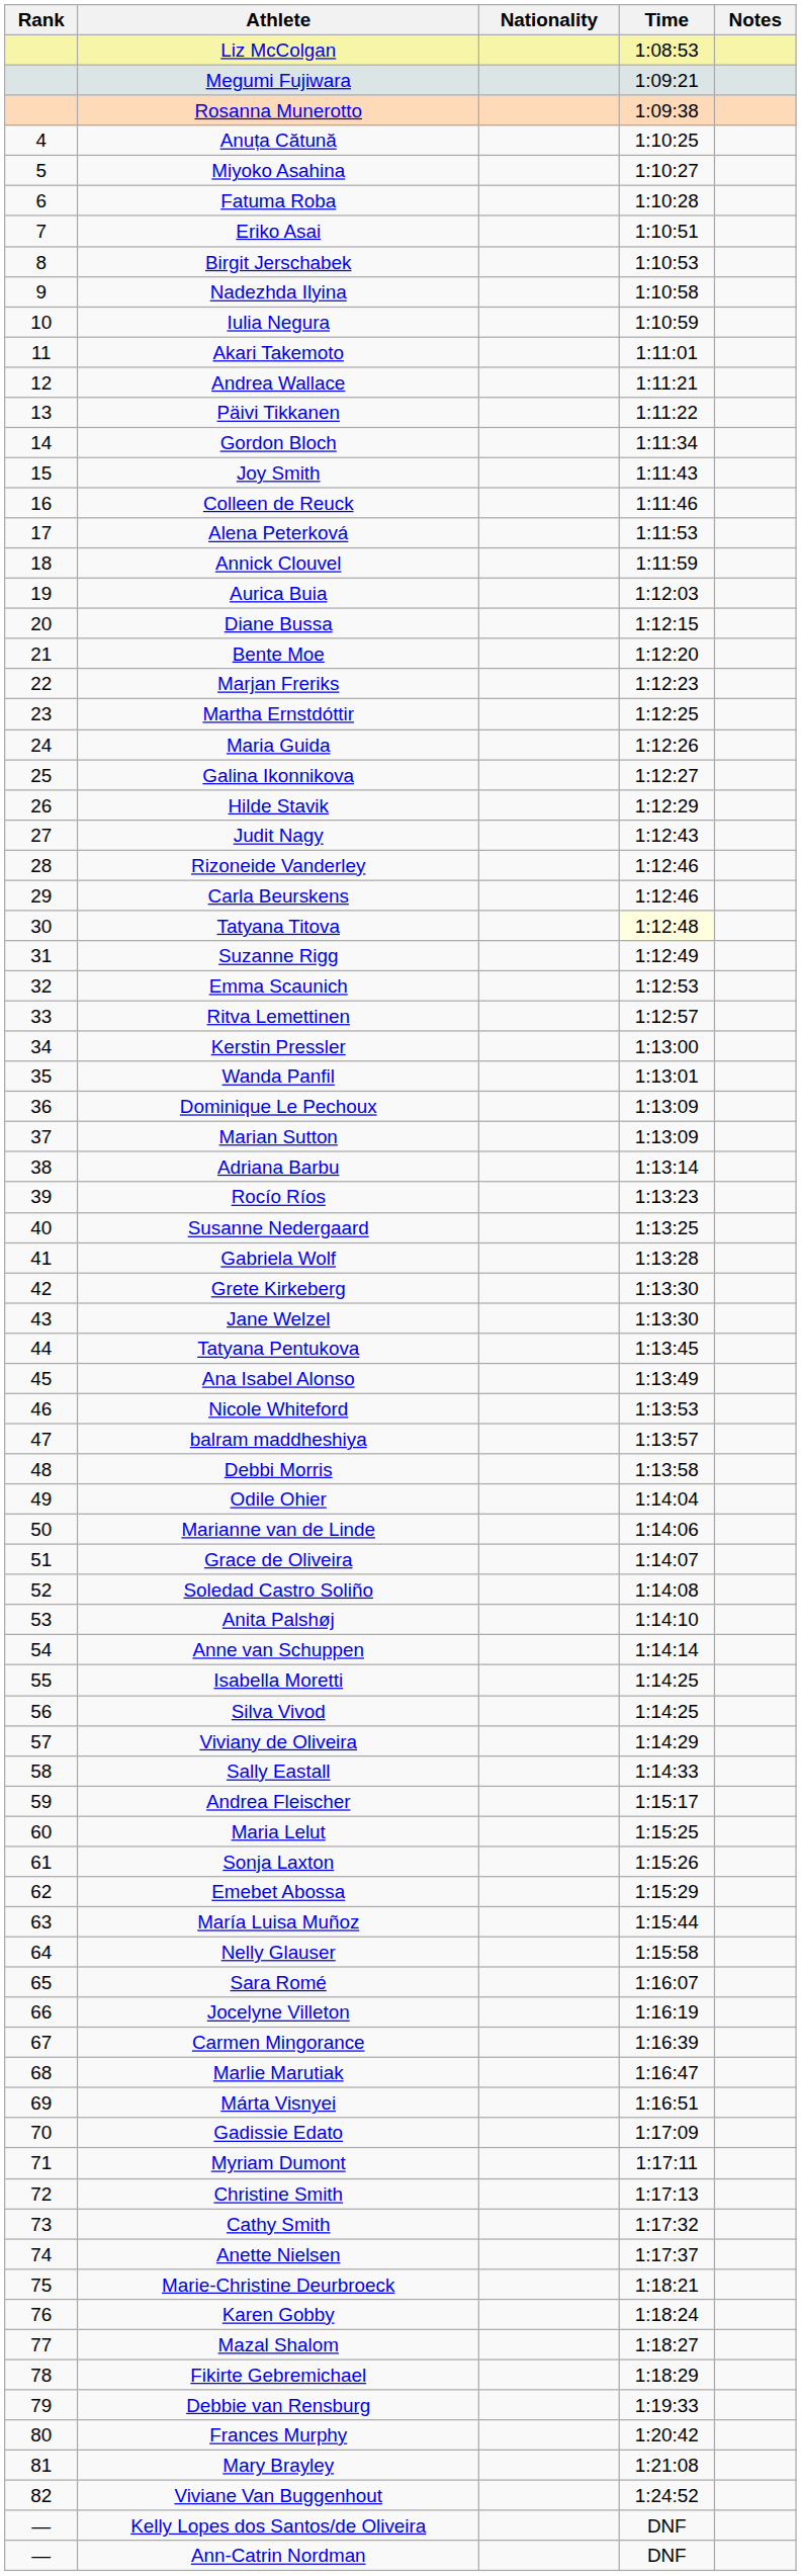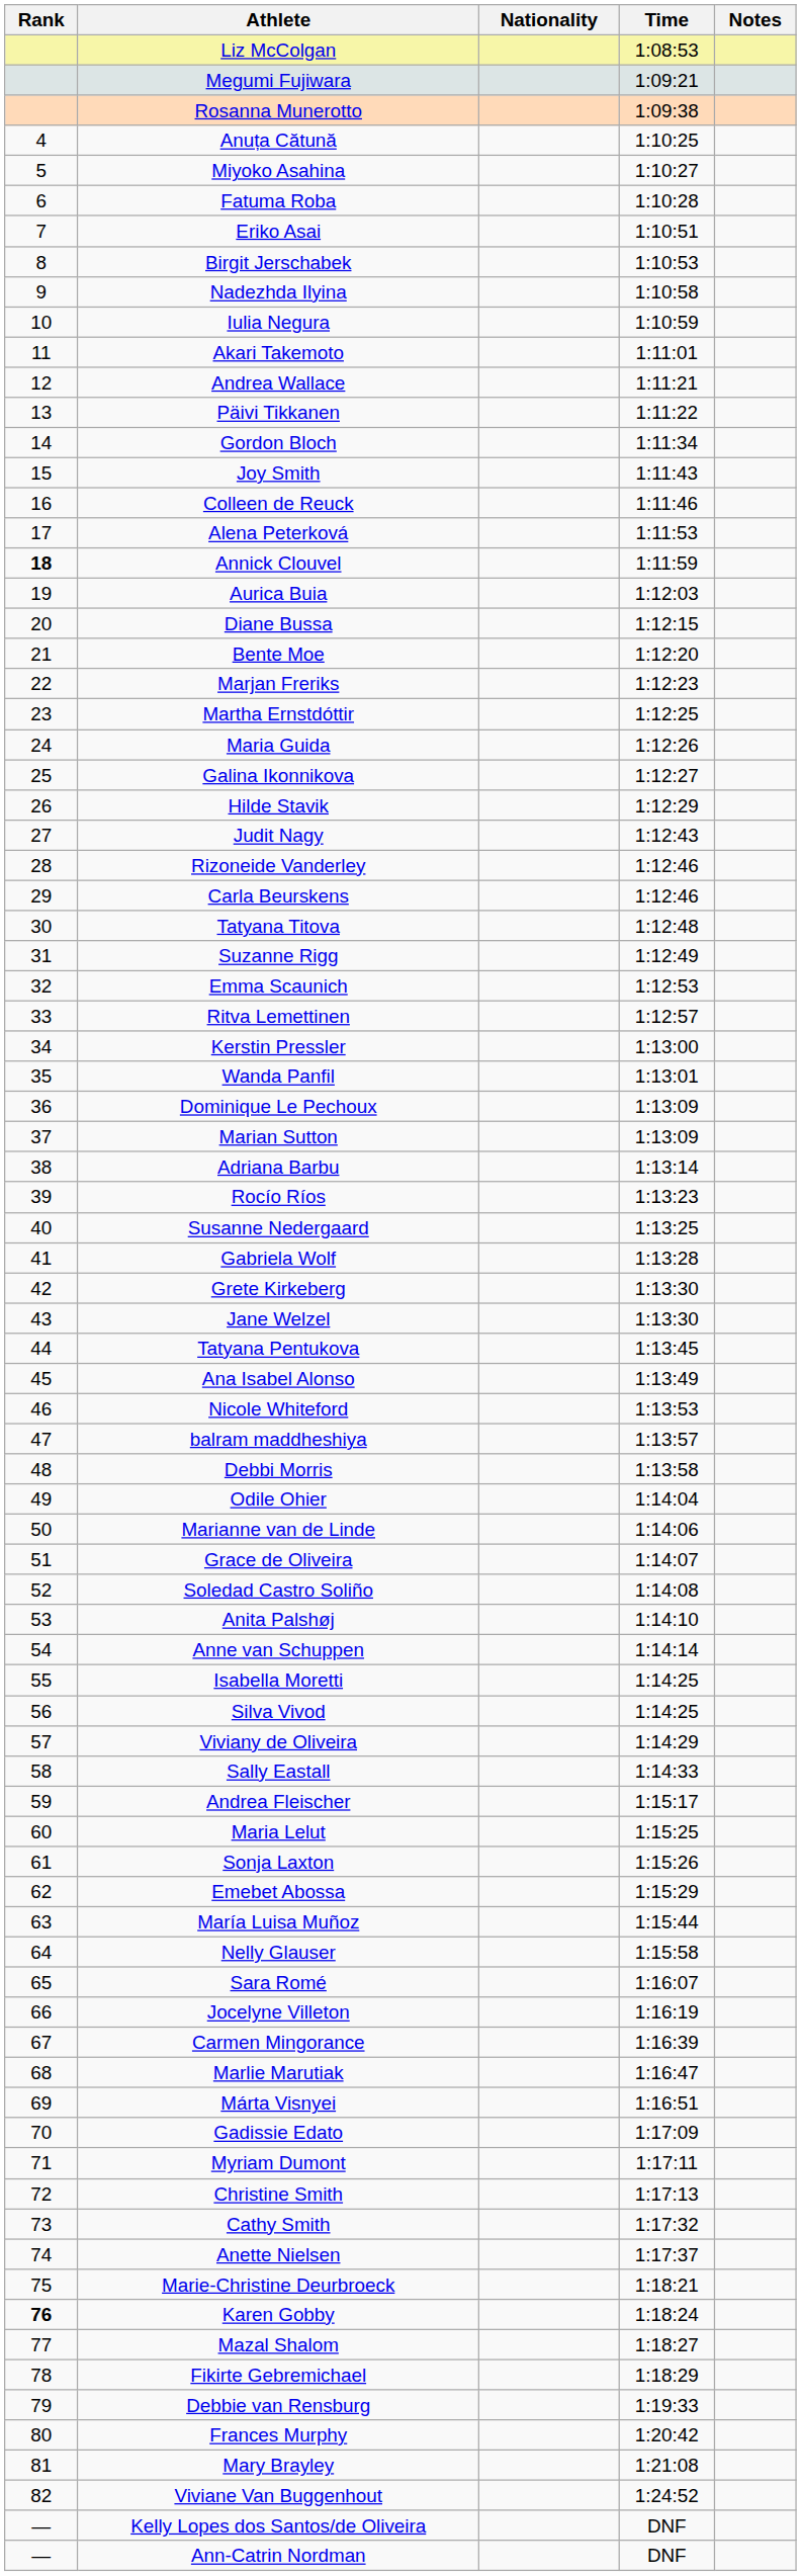 <table class="wikitable sortable" style=" text-align:center; font-size:95%;" width="50%">
 <tr>
 <th>Rank</th>
 <th>Athlete</th>
 <th>Nationality</th>
 <th>Time</th>
 <th>Notes</th>
 </tr>
 <tr bgcolor="#F7F6A8">
 <td align=center></td>
 <td><a href='#'>Liz McColgan</a></td>
 <td></td>
 <td>1:08:53</td>
 <td></td>
 </tr>
 <tr bgcolor="#DCE5E5">
 <td align=center></td>
 <td><a href='#'>Megumi Fujiwara</a></td>
 <td></td>
 <td>1:09:21</td>
 <td></td>
 </tr>
 <tr bgcolor="#FFDAB9">
 <td align=center></td>
 <td><a href='#'>Rosanna Munerotto</a></td>
 <td></td>
 <td>1:09:38</td>
 <td></td>
 </tr>
 <tr>
 <td align=center>4</td>
 <td><a href='#'>Anuța Cătună</a></td>
 <td></td>
 <td>1:10:25</td>
 <td></td>
 </tr>
 <tr>
 <td align=center>5</td>
 <td><a href='#'>Miyoko Asahina</a></td>
 <td></td>
 <td>1:10:27</td>
 <td></td>
 </tr>
 <tr>
 <td align=center>6</td>
 <td><a href='#'>Fatuma Roba</a></td>
 <td></td>
 <td>1:10:28</td>
 <td></td>
 </tr>
 <tr>
 <td align=center>7</td>
 <td><a href='#'>Eriko Asai</a></td>
 <td></td>
 <td>1:10:51</td>
 <td></td>
 </tr>
 <tr>
 <td align=center>8</td>
 <td><a href='#'>Birgit Jerschabek</a></td>
 <td></td>
 <td>1:10:53</td>
 <td></td>
 </tr>
 <tr>
 <td align=center>9</td>
 <td><a href='#'>Nadezhda Ilyina</a></td>
 <td></td>
 <td>1:10:58</td>
 <td></td>
 </tr>
 <tr>
 <td align=center>10</td>
 <td><a href='#'>Iulia Negura</a></td>
 <td></td>
 <td>1:10:59</td>
 <td></td>
 </tr>
 <tr>
 <td align=center>11</td>
 <td><a href='#'>Akari Takemoto</a></td>
 <td></td>
 <td>1:11:01</td>
 <td></td>
 </tr>
 <tr>
 <td align=center>12</td>
 <td><a href='#'>Andrea Wallace</a></td>
 <td></td>
 <td>1:11:21</td>
 <td></td>
 </tr>
 <tr>
 <td align=center>13</td>
 <td><a href='#'>Päivi Tikkanen</a></td>
 <td></td>
 <td>1:11:22</td>
 <td></td>
 </tr>
 <tr>
 <td align=center>14</td>
 <td><a href='#'>Gordon Bloch</a></td>
 <td></td>
 <td>1:11:34</td>
 <td></td>
 </tr>
 <tr>
 <td align=center>15</td>
 <td><a href='#'>Joy Smith</a></td>
 <td></td>
 <td>1:11:43</td>
 <td></td>
 </tr>
 <tr>
 <td align=center>16</td>
 <td><a href='#'>Colleen de Reuck</a></td>
 <td></td>
 <td>1:11:46</td>
 <td></td>
 </tr>
 <tr>
 <td align=center>17</td>
 <td><a href='#'>Alena Peterková</a></td>
 <td></td>
 <td>1:11:53</td>
 <td></td>
 </tr>
 <tr>
-<td align=center>18</td>
+<td align=center><strong>18</strong></td>
 <td><a href='#'>Annick Clouvel</a></td>
 <td></td>
 <td>1:11:59</td>
 <td></td>
 </tr>
 <tr>
 <td align=center>19</td>
 <td><a href='#'>Aurica Buia</a></td>
 <td></td>
 <td>1:12:03</td>
 <td></td>
 </tr>
 <tr>
 <td align=center>20</td>
 <td><a href='#'>Diane Bussa</a></td>
 <td></td>
 <td>1:12:15</td>
 <td></td>
 </tr>
 <tr>
 <td align=center>21</td>
 <td><a href='#'>Bente Moe</a></td>
 <td></td>
 <td>1:12:20</td>
 <td></td>
 </tr>
 <tr>
 <td align=center>22</td>
 <td><a href='#'>Marjan Freriks</a></td>
 <td></td>
 <td>1:12:23</td>
 <td></td>
 </tr>
 <tr>
 <td align=center>23</td>
 <td><a href='#'>Martha Ernstdóttir</a></td>
 <td></td>
 <td>1:12:25</td>
 <td></td>
 </tr>
 <tr>
 <td align=center>24</td>
 <td><a href='#'>Maria Guida</a></td>
 <td></td>
 <td>1:12:26</td>
 <td></td>
 </tr>
 <tr>
 <td align=center>25</td>
 <td><a href='#'>Galina Ikonnikova</a></td>
 <td></td>
 <td>1:12:27</td>
 <td></td>
 </tr>
 <tr>
 <td align=center>26</td>
 <td><a href='#'>Hilde Stavik</a></td>
 <td></td>
 <td>1:12:29</td>
 <td></td>
 </tr>
 <tr>
 <td align=center>27</td>
 <td><a href='#'>Judit Nagy</a></td>
 <td></td>
 <td>1:12:43</td>
 <td></td>
 </tr>
 <tr>
 <td align=center>28</td>
 <td><a href='#'>Rizoneide Vanderley</a></td>
 <td></td>
 <td>1:12:46</td>
 <td></td>
 </tr>
 <tr>
 <td align=center>29</td>
 <td><a href='#'>Carla Beurskens</a></td>
 <td></td>
 <td>1:12:46</td>
 <td></td>
 </tr>
 <tr>
 <td align=center>30</td>
 <td><a href='#'>Tatyana Titova</a></td>
 <td></td>
-<td style="background: lightyellow;">1:12:48</td>
+<td>1:12:48</td>
 <td></td>
 </tr>
 <tr>
 <td align=center>31</td>
 <td><a href='#'>Suzanne Rigg</a></td>
 <td></td>
 <td>1:12:49</td>
 <td></td>
 </tr>
 <tr>
 <td align=center>32</td>
 <td><a href='#'>Emma Scaunich</a></td>
 <td></td>
 <td>1:12:53</td>
 <td></td>
 </tr>
 <tr>
 <td align=center>33</td>
 <td><a href='#'>Ritva Lemettinen</a></td>
 <td></td>
 <td>1:12:57</td>
 <td></td>
 </tr>
 <tr>
 <td align=center>34</td>
 <td><a href='#'>Kerstin Pressler</a></td>
 <td></td>
 <td>1:13:00</td>
 <td></td>
 </tr>
 <tr>
 <td align=center>35</td>
 <td><a href='#'>Wanda Panfil</a></td>
 <td></td>
 <td>1:13:01</td>
 <td></td>
 </tr>
 <tr>
 <td align=center>36</td>
 <td><a href='#'>Dominique Le Pechoux</a></td>
 <td></td>
 <td>1:13:09</td>
 <td></td>
 </tr>
 <tr>
 <td align=center>37</td>
 <td><a href='#'>Marian Sutton</a></td>
 <td></td>
 <td>1:13:09</td>
 <td></td>
 </tr>
 <tr>
 <td align=center>38</td>
 <td><a href='#'>Adriana Barbu</a></td>
 <td></td>
 <td>1:13:14</td>
 <td></td>
 </tr>
 <tr>
 <td align=center>39</td>
 <td><a href='#'>Rocío Ríos</a></td>
 <td></td>
 <td>1:13:23</td>
 <td></td>
 </tr>
 <tr>
 <td align=center>40</td>
 <td><a href='#'>Susanne Nedergaard</a></td>
 <td></td>
 <td>1:13:25</td>
 <td></td>
 </tr>
 <tr>
 <td align=center>41</td>
 <td><a href='#'>Gabriela Wolf</a></td>
 <td></td>
 <td>1:13:28</td>
 <td></td>
 </tr>
 <tr>
 <td align=center>42</td>
 <td><a href='#'>Grete Kirkeberg</a></td>
 <td></td>
 <td>1:13:30</td>
 <td></td>
 </tr>
 <tr>
 <td align=center>43</td>
 <td><a href='#'>Jane Welzel</a></td>
 <td></td>
 <td>1:13:30</td>
 <td></td>
 </tr>
 <tr>
 <td align=center>44</td>
 <td><a href='#'>Tatyana Pentukova</a></td>
 <td></td>
 <td>1:13:45</td>
 <td></td>
 </tr>
 <tr>
 <td align=center>45</td>
 <td><a href='#'>Ana Isabel Alonso</a></td>
 <td></td>
 <td>1:13:49</td>
 <td></td>
 </tr>
 <tr>
 <td align=center>46</td>
 <td><a href='#'>Nicole Whiteford</a></td>
 <td></td>
 <td>1:13:53</td>
 <td></td>
 </tr>
 <tr>
 <td align=center>47</td>
 <td><a href='#'>balram maddheshiya</a></td>
 <td></td>
 <td>1:13:57</td>
 <td></td>
 </tr>
 <tr>
 <td align=center>48</td>
 <td><a href='#'>Debbi Morris</a></td>
 <td></td>
 <td>1:13:58</td>
 <td></td>
 </tr>
 <tr>
 <td align=center>49</td>
 <td><a href='#'>Odile Ohier</a></td>
 <td></td>
 <td>1:14:04</td>
 <td></td>
 </tr>
 <tr>
 <td align=center>50</td>
 <td><a href='#'>Marianne van de Linde</a></td>
 <td></td>
 <td>1:14:06</td>
 <td></td>
 </tr>
 <tr>
 <td align=center>51</td>
 <td><a href='#'>Grace de Oliveira</a></td>
 <td></td>
 <td>1:14:07</td>
 <td></td>
 </tr>
 <tr>
 <td align=center>52</td>
 <td><a href='#'>Soledad Castro Soliño</a></td>
 <td></td>
 <td>1:14:08</td>
 <td></td>
 </tr>
 <tr>
 <td align=center>53</td>
 <td><a href='#'>Anita Palshøj</a></td>
 <td></td>
 <td>1:14:10</td>
 <td></td>
 </tr>
 <tr>
 <td align=center>54</td>
 <td><a href='#'>Anne van Schuppen</a></td>
 <td></td>
 <td>1:14:14</td>
 <td></td>
 </tr>
 <tr>
 <td align=center>55</td>
 <td><a href='#'>Isabella Moretti</a></td>
 <td></td>
 <td>1:14:25</td>
 <td></td>
 </tr>
 <tr>
 <td align=center>56</td>
 <td><a href='#'>Silva Vivod</a></td>
 <td></td>
 <td>1:14:25</td>
 <td></td>
 </tr>
 <tr>
 <td align=center>57</td>
 <td><a href='#'>Viviany de Oliveira</a></td>
 <td></td>
 <td>1:14:29</td>
 <td></td>
 </tr>
 <tr>
 <td align=center>58</td>
 <td><a href='#'>Sally Eastall</a></td>
 <td></td>
 <td>1:14:33</td>
 <td></td>
 </tr>
 <tr>
 <td align=center>59</td>
 <td><a href='#'>Andrea Fleischer</a></td>
 <td></td>
 <td>1:15:17</td>
 <td></td>
 </tr>
 <tr>
 <td align=center>60</td>
 <td><a href='#'>Maria Lelut</a></td>
 <td></td>
 <td>1:15:25</td>
 <td></td>
 </tr>
 <tr>
 <td align=center>61</td>
 <td><a href='#'>Sonja Laxton</a></td>
 <td></td>
 <td>1:15:26</td>
 <td></td>
 </tr>
 <tr>
 <td align=center>62</td>
 <td><a href='#'>Emebet Abossa</a></td>
 <td></td>
 <td>1:15:29</td>
 <td></td>
 </tr>
 <tr>
 <td align=center>63</td>
 <td><a href='#'>María Luisa Muñoz</a></td>
 <td></td>
 <td>1:15:44</td>
 <td></td>
 </tr>
 <tr>
 <td align=center>64</td>
 <td><a href='#'>Nelly Glauser</a></td>
 <td></td>
 <td>1:15:58</td>
 <td></td>
 </tr>
 <tr>
 <td align=center>65</td>
 <td><a href='#'>Sara Romé</a></td>
 <td></td>
 <td>1:16:07</td>
 <td></td>
 </tr>
 <tr>
 <td align=center>66</td>
 <td><a href='#'>Jocelyne Villeton</a></td>
 <td></td>
 <td>1:16:19</td>
 <td></td>
 </tr>
 <tr>
 <td align=center>67</td>
 <td><a href='#'>Carmen Mingorance</a></td>
 <td></td>
 <td>1:16:39</td>
 <td></td>
 </tr>
 <tr>
 <td align=center>68</td>
 <td><a href='#'>Marlie Marutiak</a></td>
 <td></td>
 <td>1:16:47</td>
 <td></td>
 </tr>
 <tr>
 <td align=center>69</td>
 <td><a href='#'>Márta Visnyei</a></td>
 <td></td>
 <td>1:16:51</td>
 <td></td>
 </tr>
 <tr>
 <td align=center>70</td>
 <td><a href='#'>Gadissie Edato</a></td>
 <td></td>
 <td>1:17:09</td>
 <td></td>
 </tr>
 <tr>
 <td align=center>71</td>
 <td><a href='#'>Myriam Dumont</a></td>
 <td></td>
 <td>1:17:11</td>
 <td></td>
 </tr>
 <tr>
 <td align=center>72</td>
 <td><a href='#'>Christine Smith</a></td>
 <td></td>
 <td>1:17:13</td>
 <td></td>
 </tr>
 <tr>
 <td align=center>73</td>
 <td><a href='#'>Cathy Smith</a></td>
 <td></td>
 <td>1:17:32</td>
 <td></td>
 </tr>
 <tr>
 <td align=center>74</td>
 <td><a href='#'>Anette Nielsen</a></td>
 <td></td>
 <td>1:17:37</td>
 <td></td>
 </tr>
 <tr>
 <td align=center>75</td>
 <td><a href='#'>Marie-Christine Deurbroeck</a></td>
 <td></td>
 <td>1:18:21</td>
 <td></td>
 </tr>
 <tr>
-<td align=center>76</td>
+<td align=center><strong>76</strong></td>
 <td><a href='#'>Karen Gobby</a></td>
 <td></td>
 <td>1:18:24</td>
 <td></td>
 </tr>
 <tr>
 <td align=center>77</td>
 <td><a href='#'>Mazal Shalom</a></td>
 <td></td>
 <td>1:18:27</td>
 <td></td>
 </tr>
 <tr>
 <td align=center>78</td>
 <td><a href='#'>Fikirte Gebremichael</a></td>
 <td></td>
 <td>1:18:29</td>
 <td></td>
 </tr>
 <tr>
 <td align=center>79</td>
 <td><a href='#'>Debbie van Rensburg</a></td>
 <td></td>
 <td>1:19:33</td>
 <td></td>
 </tr>
 <tr>
 <td align=center>80</td>
 <td><a href='#'>Frances Murphy</a></td>
 <td></td>
 <td>1:20:42</td>
 <td></td>
 </tr>
 <tr>
 <td align=center>81</td>
 <td><a href='#'>Mary Brayley</a></td>
 <td></td>
 <td>1:21:08</td>
 <td></td>
 </tr>
 <tr>
 <td align=center>82</td>
 <td><a href='#'>Viviane Van Buggenhout</a></td>
 <td></td>
 <td>1:24:52</td>
 <td></td>
 </tr>
 <tr>
 <td align=center>—</td>
 <td><a href='#'>Kelly Lopes dos Santos/de Oliveira</a></td>
 <td></td>
 <td>DNF</td>
 <td></td>
 </tr>
 <tr>
 <td align=center>—</td>
 <td><a href='#'>Ann-Catrin Nordman</a></td>
 <td></td>
 <td>DNF</td>
 <td></td>
 </tr>
 </table>
